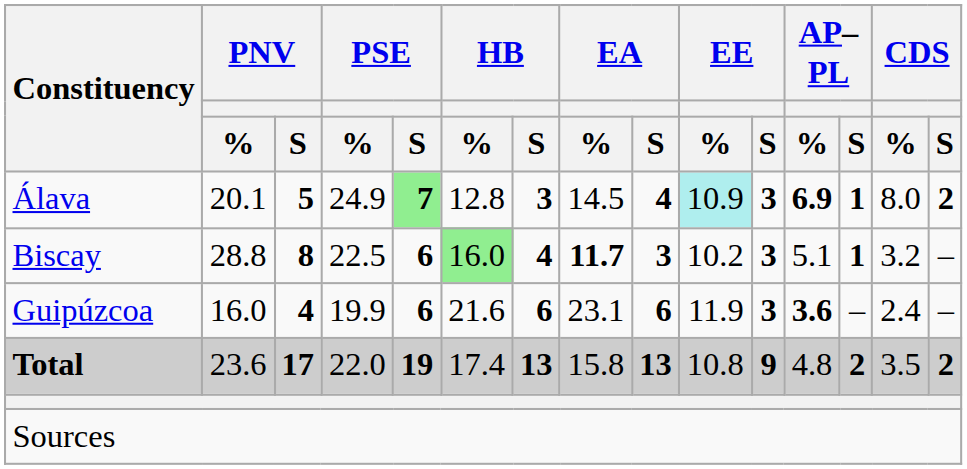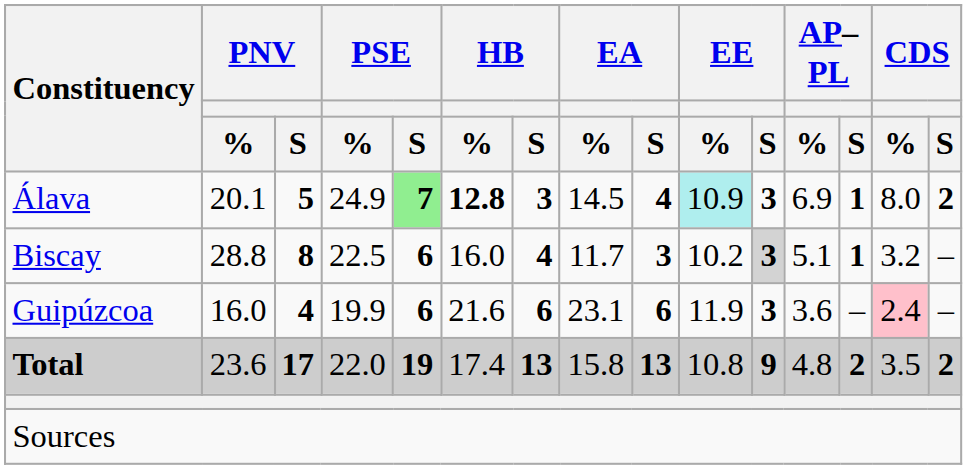 <table class="wikitable sortable" style="text-align:right; line-height:20px;">
 <tr>
 <th rowspan="3">Constituency</th>
 <th colspan="2" width="30px" class="unsortable"><a href='#'>PNV</a></th>
 <th colspan="2" width="30px" class="unsortable"><a href='#'>PSE</a></th>
 <th colspan="2" width="30px" class="unsortable"><a href='#'>HB</a></th>
 <th colspan="2" width="30px" class="unsortable"><a href='#'>EA</a></th>
 <th colspan="2" width="30px" class="unsortable"><a href='#'>EE</a></th>
 <th colspan="2" width="30px" class="unsortable"><a href='#'>AP</a>–<a href='#'>PL</a></th>
 <th colspan="2" width="30px" class="unsortable"><a href='#'>CDS</a></th>
 </tr>
 <tr>
 <th colspan="2" style="background:"></th>
 <th colspan="2" style="background:"></th>
 <th colspan="2" style="background:"></th>
 <th colspan="2" style="background:"></th>
 <th colspan="2" style="background:"></th>
 <th colspan="2" style="background:"></th>
 <th colspan="2" style="background:"></th>
 </tr>
 <tr>
 <th data-sort-type="number">%</th>
 <th data-sort-type="number">S</th>
 <th data-sort-type="number">%</th>
 <th data-sort-type="number">S</th>
 <th data-sort-type="number">%</th>
 <th data-sort-type="number">S</th>
 <th data-sort-type="number">%</th>
 <th data-sort-type="number">S</th>
 <th data-sort-type="number">%</th>
 <th data-sort-type="number">S</th>
 <th data-sort-type="number">%</th>
 <th data-sort-type="number">S</th>
 <th data-sort-type="number">%</th>
 <th data-sort-type="number">S</th>
 </tr>
 <tr>
 <td align="left"><a href='#'>Álava</a></td>
 <td>20.1</td>
 <td><strong>5</strong></td>
 <td style="background:">24.9</td>
 <td style="background: lightgreen;"><strong>7</strong></td>
-<td>12.8</td>
+<td><strong>12.8</strong></td>
 <td><strong>3</strong></td>
 <td>14.5</td>
 <td><strong>4</strong></td>
 <td style="background: paleturquoise;">10.9</td>
 <td><strong>3</strong></td>
-<td><strong>6.9</strong></td>
+<td>6.9</td>
 <td><strong>1</strong></td>
 <td>8.0</td>
 <td><strong>2</strong></td>
 </tr>
 <tr>
 <td align="left"><a href='#'>Biscay</a></td>
 <td style="background:">28.8</td>
 <td><strong>8</strong></td>
 <td>22.5</td>
 <td><strong>6</strong></td>
-<td style="background: lightgreen;">16.0</td>
+<td>16.0</td>
 <td><strong>4</strong></td>
-<td><strong>11.7</strong></td>
+<td>11.7</td>
 <td><strong>3</strong></td>
 <td>10.2</td>
-<td><strong>3</strong></td>
+<td style="background: lightgrey;"><strong>3</strong></td>
 <td>5.1</td>
 <td><strong>1</strong></td>
 <td>3.2</td>
 <td>–</td>
 </tr>
 <tr>
 <td align="left"><a href='#'>Guipúzcoa</a></td>
 <td>16.0</td>
 <td><strong>4</strong></td>
 <td>19.9</td>
 <td><strong>6</strong></td>
 <td>21.6</td>
 <td><strong>6</strong></td>
 <td style="background:">23.1</td>
 <td><strong>6</strong></td>
 <td>11.9</td>
 <td><strong>3</strong></td>
-<td><strong>3.6</strong></td>
+<td>3.6</td>
 <td>–</td>
-<td>2.4</td>
+<td style="background: pink;">2.4</td>
 <td>–</td>
 </tr>
 <tr style="background:#CDCDCD;">
 <td align="left"><strong>Total</strong></td>
 <td style="background:">23.6</td>
 <td><strong>17</strong></td>
 <td>22.0</td>
 <td><strong>19</strong></td>
 <td>17.4</td>
 <td><strong>13</strong></td>
 <td>15.8</td>
 <td><strong>13</strong></td>
 <td>10.8</td>
 <td><strong>9</strong></td>
 <td>4.8</td>
 <td><strong>2</strong></td>
 <td>3.5</td>
 <td><strong>2</strong></td>
 </tr>
 <tr>
 <th colspan="15"></th>
 </tr>
 <tr>
 <th style="text-align:left; font-weight:normal; background:#F9F9F9" colspan="15">Sources</th>
 </tr>
 </table>
